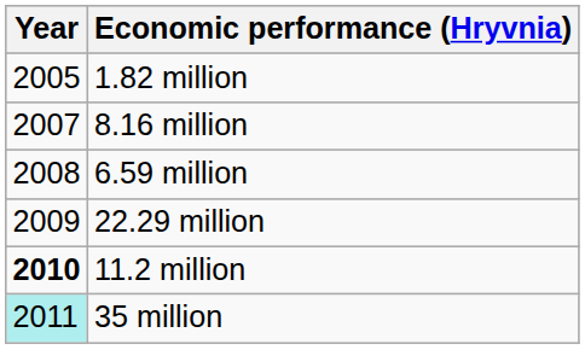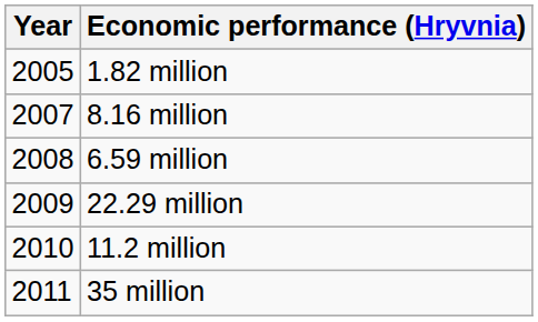 <table class="wikitable">
 <tr>
 <th>Year</th>
 <th>Economic performance (<a href='#'>Hryvnia</a>)</th>
 </tr>
 <tr>
 <td>2005</td>
 <td> 1.82 million</td>
 </tr>
 <tr>
 <td>2007</td>
 <td> 8.16 million</td>
 </tr>
 <tr>
 <td>2008</td>
 <td> 6.59 million</td>
 </tr>
 <tr>
 <td>2009</td>
 <td> 22.29 million</td>
 </tr>
 <tr>
-<td><strong>2010</strong></td>
+<td>2010</td>
 <td> 11.2 million</td>
 </tr>
 <tr>
-<td style="background: paleturquoise;">2011</td>
+<td>2011</td>
 <td> 35 million</td>
 </tr>
 </table>
